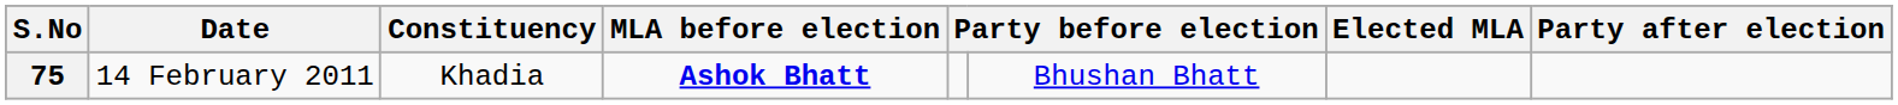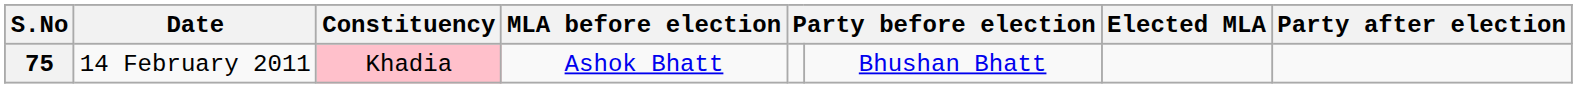 <table class="wikitable sortable" style="text-align:center;">
 <tr>
 <th>S.No</th>
 <th>Date</th>
 <th>Constituency</th>
 <th>MLA before election</th>
 <th colspan="2">Party before election</th>
 <th>Elected MLA</th>
 <th colspan="2">Party after election</th>
 </tr>
 <tr>
 <th>75</th>
 <td>14 February 2011</td>
-<td>Khadia</td>
-<td><strong><a href='#'>Ashok Bhatt</a></strong></td>
+<td style="background: pink;">Khadia</td>
+<td><a href='#'>Ashok Bhatt</a></td>
 <td></td>
 <td><a href='#'>Bhushan Bhatt</a></td>
 <td></td>
 </tr>
 </table>
